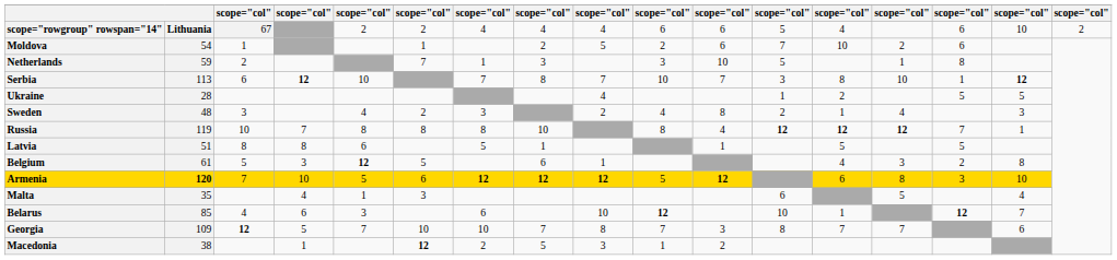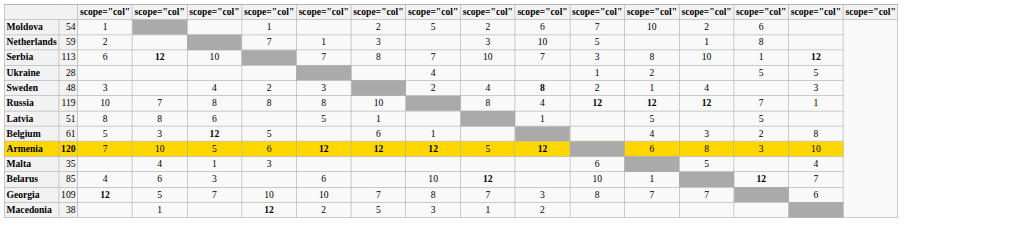 <table class="wikitable plainrowheaders" style="text-align:center;">
 <tr>
 </tr>
 <tr>
 <th colspan="2"></th>
 <th>scope="col" </th>
 <th>scope="col" </th>
 <th>scope="col" </th>
 <th>scope="col" </th>
 <th>scope="col" </th>
 <th>scope="col" </th>
 <th>scope="col" </th>
 <th>scope="col" </th>
 <th>scope="col" </th>
 <th>scope="col" </th>
 <th>scope="col" </th>
 <th>scope="col" </th>
 <th>scope="col" </th>
 <th>scope="col" </th>
 <th>scope="col" </th>
-</tr>
-<tr>
-<th>scope="rowgroup" rowspan="14" </th>
-<th scope="row" style="text-align:left; background:#f2f2f2;">Lithuania</th>
-<td style="text-align:right; background:#f2f2f2;">67</td>
-<td style="text-align:left; background:#aaa;"></td>
-<td>2</td>
-<td>2</td>
-<td>4</td>
-<td>4</td>
-<td>4</td>
-<td>6</td>
-<td>6</td>
-<td>5</td>
-<td>4</td>
-<td></td>
-<td>6</td>
-<td>10</td>
-<td>2</td>
 </tr>
 <tr>
 <th scope="row" style="text-align:left; background:#f2f2f2;">Moldova</th>
 <td style="text-align:right; background:#f2f2f2;">54</td>
 <td>1</td>
 <td style="text-align:left; background:#aaa;"></td>
 <td></td>
 <td>1</td>
 <td></td>
 <td>2</td>
 <td>5</td>
 <td>2</td>
 <td>6</td>
 <td>7</td>
 <td>10</td>
 <td>2</td>
 <td>6</td>
 <td></td>
 </tr>
 <tr>
 <th scope="row" style="text-align:left; background:#f2f2f2;">Netherlands</th>
 <td style="text-align:right; background:#f2f2f2;">59</td>
 <td>2</td>
 <td></td>
 <td style="text-align:left; background:#aaa;"></td>
 <td>7</td>
 <td>1</td>
 <td>3</td>
 <td></td>
 <td>3</td>
 <td>10</td>
 <td>5</td>
 <td></td>
 <td>1</td>
 <td>8</td>
 <td></td>
 </tr>
 <tr>
 <th scope="row" style="text-align:left; background:#f2f2f2;">Serbia</th>
 <td style="text-align:right; background:#f2f2f2;">113</td>
 <td>6</td>
 <td><strong>12</strong></td>
 <td>10</td>
 <td style="text-align:left; background:#aaa;"></td>
 <td>7</td>
 <td>8</td>
 <td>7</td>
 <td>10</td>
 <td>7</td>
 <td>3</td>
 <td>8</td>
 <td>10</td>
 <td>1</td>
 <td><strong>12</strong></td>
 </tr>
 <tr>
 <th scope="row" style="text-align:left; background:#f2f2f2;">Ukraine</th>
 <td style="text-align:right; background:#f2f2f2;">28</td>
 <td></td>
 <td></td>
 <td></td>
 <td></td>
 <td style="text-align:left; background:#aaa;"></td>
 <td></td>
 <td>4</td>
 <td></td>
 <td></td>
 <td>1</td>
 <td>2</td>
 <td></td>
 <td>5</td>
 <td>5</td>
 </tr>
 <tr>
 <th scope="row" style="text-align:left; background:#f2f2f2;">Sweden</th>
 <td style="text-align:right; background:#f2f2f2;">48</td>
 <td>3</td>
 <td></td>
 <td>4</td>
 <td>2</td>
 <td>3</td>
 <td style="text-align:left; background:#aaa;"></td>
 <td>2</td>
 <td>4</td>
-<td>8</td>
+<td><strong>8</strong></td>
 <td>2</td>
 <td>1</td>
 <td>4</td>
 <td></td>
 <td>3</td>
 </tr>
 <tr>
 <th scope="row" style="text-align:left; background:#f2f2f2;">Russia</th>
 <td style="text-align:right; background:#f2f2f2;">119</td>
 <td>10</td>
 <td>7</td>
 <td>8</td>
 <td>8</td>
 <td>8</td>
 <td>10</td>
 <td style="text-align:left; background:#aaa;"></td>
 <td>8</td>
 <td>4</td>
 <td><strong>12</strong></td>
 <td><strong>12</strong></td>
 <td><strong>12</strong></td>
 <td>7</td>
 <td>1</td>
 </tr>
 <tr>
 <th scope="row" style="text-align:left; background:#f2f2f2;">Latvia</th>
 <td style="text-align:right; background:#f2f2f2;">51</td>
 <td>8</td>
 <td>8</td>
 <td>6</td>
 <td></td>
 <td>5</td>
 <td>1</td>
 <td></td>
 <td style="text-align:left; background:#aaa;"></td>
 <td>1</td>
 <td></td>
 <td>5</td>
 <td></td>
 <td>5</td>
 <td></td>
 </tr>
 <tr>
 <th scope="row" style="text-align:left; background:#f2f2f2;">Belgium</th>
 <td style="text-align:right; background:#f2f2f2;">61</td>
 <td>5</td>
 <td>3</td>
 <td><strong>12</strong></td>
 <td>5</td>
 <td></td>
 <td>6</td>
 <td>1</td>
 <td></td>
 <td style="text-align:left; background:#aaa;"></td>
 <td></td>
 <td>4</td>
 <td>3</td>
 <td>2</td>
 <td>8</td>
 </tr>
 <tr style="background:gold;">
 <th scope="row" style="text-align:left; font-weight:bold; background:gold;">Armenia</th>
 <td style="text-align:right; font-weight:bold;">120</td>
 <td>7</td>
 <td>10</td>
 <td>5</td>
 <td>6</td>
 <td><strong>12</strong></td>
 <td><strong>12</strong></td>
 <td><strong>12</strong></td>
 <td>5</td>
 <td><strong>12</strong></td>
 <td style="text-align:left; background:#aaa;"></td>
 <td>6</td>
 <td>8</td>
 <td>3</td>
 <td>10</td>
 </tr>
 <tr>
 <th scope="row" style="text-align:left; background:#f2f2f2;">Malta</th>
 <td style="text-align:right; background:#f2f2f2;">35</td>
 <td></td>
 <td>4</td>
 <td>1</td>
 <td>3</td>
 <td></td>
 <td></td>
 <td></td>
 <td></td>
 <td></td>
 <td>6</td>
 <td style="text-align:left; background:#aaa;"></td>
 <td>5</td>
 <td></td>
 <td>4</td>
 </tr>
 <tr>
 <th scope="row" style="text-align:left; background:#f2f2f2;">Belarus</th>
 <td style="text-align:right; background:#f2f2f2;">85</td>
 <td>4</td>
 <td>6</td>
 <td>3</td>
 <td></td>
 <td>6</td>
 <td></td>
 <td>10</td>
 <td><strong>12</strong></td>
 <td></td>
 <td>10</td>
 <td>1</td>
 <td style="text-align:left; background:#aaa;"></td>
 <td><strong>12</strong></td>
 <td>7</td>
 </tr>
 <tr>
 <th scope="row" style="text-align:left; background:#f2f2f2;">Georgia</th>
 <td style="text-align:right; background:#f2f2f2;">109</td>
 <td><strong>12</strong></td>
 <td>5</td>
 <td>7</td>
 <td>10</td>
 <td>10</td>
 <td>7</td>
 <td>8</td>
 <td>7</td>
 <td>3</td>
 <td>8</td>
 <td>7</td>
 <td>7</td>
 <td style="text-align:left; background:#aaa;"></td>
 <td>6</td>
 </tr>
 <tr>
 <th scope="row" style="text-align:left; background:#f2f2f2;">Macedonia</th>
 <td style="text-align:right; background:#f2f2f2;">38</td>
 <td></td>
 <td>1</td>
 <td></td>
 <td><strong>12</strong></td>
 <td>2</td>
 <td>5</td>
 <td>3</td>
 <td>1</td>
 <td>2</td>
 <td></td>
 <td></td>
 <td></td>
 <td></td>
 <td style="text-align:left; background:#aaa;"></td>
 </tr>
 </table>
